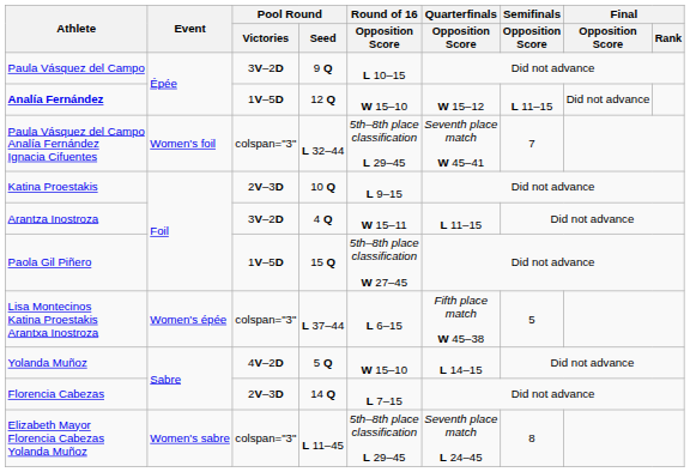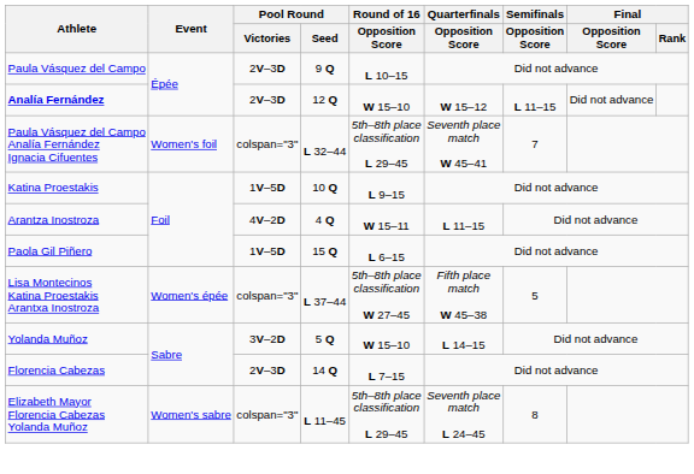 <table class=wikitable style="font-size:90%">
 <tr>
 <th rowspan="2">Athlete</th>
 <th rowspan="2">Event</th>
 <th colspan=2>Pool Round</th>
 <th>Round of 16</th>
 <th>Quarterfinals</th>
 <th>Semifinals</th>
 <th colspan=2>Final</th>
 </tr>
 <tr style="font-size:95%">
 <th>Victories</th>
 <th>Seed</th>
 <th>Opposition<br>Score</th>
 <th>Opposition<br>Score</th>
 <th>Opposition<br>Score</th>
 <th>Opposition<br>Score</th>
 <th>Rank</th>
 </tr>
 <tr style="text-align:center">
 <td style="text-align:left"><a href='#'>Paula Vásquez del Campo</a></td>
 <td style="text-align:left" rowspan=2><a href='#'>Épée</a></td>
-<td>3<strong>V</strong>–2<strong>D</strong></td>
+<td>2<strong>V</strong>–3<strong>D</strong></td>
 <td>9 <strong>Q</strong></td>
 <td><br><strong>L</strong> 10–15</td>
 <td colspan="4">Did not advance</td>
 </tr>
 <tr style="text-align:center">
 <td style="text-align:left"><strong><a href='#'>Analía Fernández</a></strong></td>
-<td>1<strong>V</strong>–5<strong>D</strong></td>
+<td>2<strong>V</strong>–3<strong>D</strong></td>
 <td>12 <strong>Q</strong></td>
 <td><br><strong>W</strong> 15–10</td>
 <td><br><strong>W</strong> 15–12</td>
 <td><br><strong>L</strong> 11–15</td>
 <td>Did not advance</td>
 <td></td>
 </tr>
 <tr style="text-align:center">
 <td style="text-align:left"><a href='#'>Paula Vásquez del Campo</a><br><a href='#'>Analía Fernández</a><br><a href='#'>Ignacia Cifuentes</a></td>
 <td style="text-align:left"><a href='#'>Women's foil</a></td>
 <td>colspan="3" </td>
 <td><br><strong>L</strong> 32–44</td>
 <td><em>5th–8th place<br>classification</em><br><br><strong>L</strong> 29–45</td>
 <td><em>Seventh place<br>match</em><br><br><strong>W</strong> 45–41</td>
 <td>7</td>
 </tr>
 <tr style="text-align:center">
 <td style="text-align:left"><a href='#'>Katina Proestakis</a></td>
 <td style="text-align:left" rowspan=3><a href='#'>Foil</a></td>
-<td>2<strong>V</strong>–3<strong>D</strong></td>
+<td>1<strong>V</strong>–5<strong>D</strong></td>
 <td>10 <strong>Q</strong></td>
 <td><br><strong>L</strong> 9–15</td>
 <td colspan="4">Did not advance</td>
 </tr>
 <tr style="text-align:center">
 <td style="text-align:left"><a href='#'>Arantza Inostroza</a></td>
-<td>3<strong>V</strong>–2<strong>D</strong></td>
+<td>4<strong>V</strong>–2<strong>D</strong></td>
 <td>4 <strong>Q</strong></td>
 <td><br><strong>W</strong> 15–11</td>
 <td><br><strong>L</strong> 11–15</td>
 <td colspan="3">Did not advance</td>
 </tr>
 <tr style="text-align:center">
 <td style="text-align:left"><a href='#'>Paola Gil Piñero</a></td>
 <td>1<strong>V</strong>–5<strong>D</strong></td>
 <td>15 <strong>Q</strong></td>
-<td><em>5th–8th place<br>classification</em><br><br><strong>W</strong> 27–45</td>
+<td><br><strong>L</strong> 6–15</td>
 <td colspan="4">Did not advance</td>
 </tr>
 <tr style="text-align:center">
 <td style="text-align:left"><a href='#'>Lisa Montecinos</a><br><a href='#'>Katina Proestakis</a><br><a href='#'>Arantxa Inostroza</a></td>
 <td style="text-align:left"><a href='#'>Women's épée</a></td>
 <td>colspan="3" </td>
 <td><br><strong>L</strong> 37–44</td>
-<td><br><strong>L</strong> 6–15</td>
+<td><em>5th–8th place<br>classification</em><br><br><strong>W</strong> 27–45</td>
 <td><em>Fifth place<br>match</em><br><br><strong>W</strong> 45–38</td>
 <td>5</td>
 </tr>
 <tr style="text-align:center">
 <td style="text-align:left"><a href='#'>Yolanda Muñoz</a></td>
 <td style="text-align:left" rowspan=2><a href='#'>Sabre</a></td>
-<td>4<strong>V</strong>–2<strong>D</strong></td>
+<td>3<strong>V</strong>–2<strong>D</strong></td>
 <td>5 <strong>Q</strong></td>
 <td><br><strong>W</strong> 15–10</td>
 <td><br><strong>L</strong> 14–15</td>
 <td colspan="3">Did not advance</td>
 </tr>
 <tr style="text-align:center">
 <td style="text-align:left"><a href='#'>Florencia Cabezas</a></td>
 <td>2<strong>V</strong>–3<strong>D</strong></td>
 <td>14 <strong>Q</strong></td>
 <td><br><strong>L</strong> 7–15</td>
 <td colspan="4">Did not advance</td>
 </tr>
 <tr style="text-align:center">
 <td style="text-align:left"><a href='#'>Elizabeth Mayor</a><br><a href='#'>Florencia Cabezas</a><br><a href='#'>Yolanda Muñoz</a></td>
 <td style="text-align:left"><a href='#'>Women's sabre</a></td>
 <td>colspan="3" </td>
 <td><br><strong>L</strong> 11–45</td>
 <td><em>5th–8th place<br>classification</em><br><br><strong>L</strong> 29–45</td>
 <td><em>Seventh place<br>match</em><br><br><strong>L</strong> 24–45</td>
 <td>8</td>
 </tr>
 </table>
